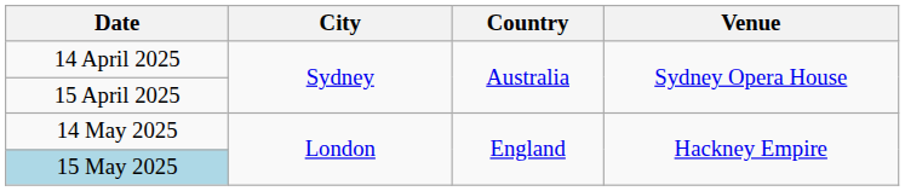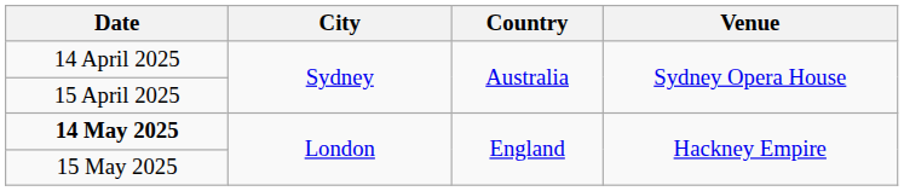 <table class="wikitable" style="text-align:center;">
 <tr>
 <th width=150>Date</th>
 <th width=150>City</th>
 <th width=100>Country</th>
 <th width=200>Venue</th>
 </tr>
 <tr>
 <td>14 April 2025</td>
 <td rowspan="2"><a href='#'>Sydney</a></td>
 <td rowspan="2"><a href='#'>Australia</a></td>
 <td rowspan="2"><a href='#'>Sydney Opera House</a></td>
 </tr>
 <tr>
 <td>15 April 2025</td>
 </tr>
 <tr>
-<td>14 May 2025</td>
+<td><strong>14 May 2025</strong></td>
 <td rowspan="2"><a href='#'>London</a></td>
 <td rowspan="2"><a href='#'>England</a></td>
 <td rowspan="2"><a href='#'>Hackney Empire</a></td>
 </tr>
 <tr>
-<td style="background: lightblue;">15 May 2025</td>
+<td>15 May 2025</td>
 </tr>
 </table>
